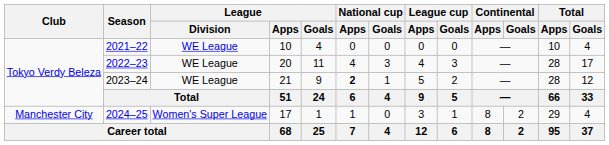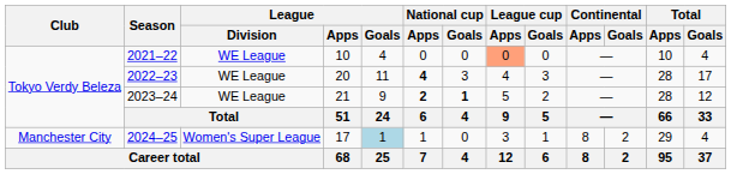 <table class="wikitable" style="text-align:center">
 <tr>
 <th rowspan="2">Club</th>
 <th rowspan="2">Season</th>
 <th colspan="3">League</th>
 <th colspan="2">National cup</th>
 <th colspan="2">League cup</th>
 <th colspan="2">Continental</th>
 <th colspan="2">Total</th>
 </tr>
 <tr>
 <th>Division</th>
 <th>Apps</th>
 <th>Goals</th>
 <th>Apps</th>
 <th>Goals</th>
 <th>Apps</th>
 <th>Goals</th>
 <th>Apps</th>
 <th>Goals</th>
 <th>Apps</th>
 <th>Goals</th>
 </tr>
 <tr>
 <td rowspan="4"><a href='#'>Tokyo Verdy Beleza</a></td>
 <td><a href='#'>2021–22</a></td>
 <td><a href='#'>WE League</a></td>
 <td>10</td>
 <td>4</td>
 <td>0</td>
 <td>0</td>
-<td>0</td>
+<td style="background: lightsalmon;">0</td>
 <td>0</td>
 <td colspan=2>—</td>
 <td>10</td>
 <td>4</td>
 </tr>
 <tr>
 <td><a href='#'>2022–23</a></td>
 <td>WE League</td>
 <td>20</td>
 <td>11</td>
-<td>4</td>
+<td><strong>4</strong></td>
 <td>3</td>
 <td>4</td>
 <td>3</td>
 <td colspan=2>—</td>
 <td>28</td>
 <td>17</td>
 </tr>
 <tr>
 <td>2023–24</td>
 <td>WE League</td>
 <td>21</td>
 <td>9</td>
 <td><strong>2</strong></td>
-<td>1</td>
+<td><strong>1</strong></td>
 <td>5</td>
 <td>2</td>
 <td colspan=2>—</td>
 <td>28</td>
 <td>12</td>
 </tr>
 <tr>
 <th colspan="2">Total</th>
 <th>51</th>
 <th>24</th>
 <th>6</th>
 <th>4</th>
 <th>9</th>
 <th>5</th>
 <th colspan=2>—</th>
 <th>66</th>
 <th>33</th>
 </tr>
 <tr>
 <td><a href='#'>Manchester City</a></td>
 <td><a href='#'>2024–25</a></td>
 <td><a href='#'>Women's Super League</a></td>
 <td>17</td>
-<td>1</td>
+<td style="background: lightblue;">1</td>
 <td>1</td>
 <td>0</td>
 <td>3</td>
 <td>1</td>
 <td>8</td>
 <td>2</td>
 <td>29</td>
 <td>4</td>
 </tr>
 <tr>
 <th colspan="3">Career total</th>
 <th>68</th>
 <th>25</th>
 <th>7</th>
 <th>4</th>
 <th>12</th>
 <th>6</th>
 <th>8</th>
 <th>2</th>
 <th>95</th>
 <th>37</th>
 </tr>
 </table>
